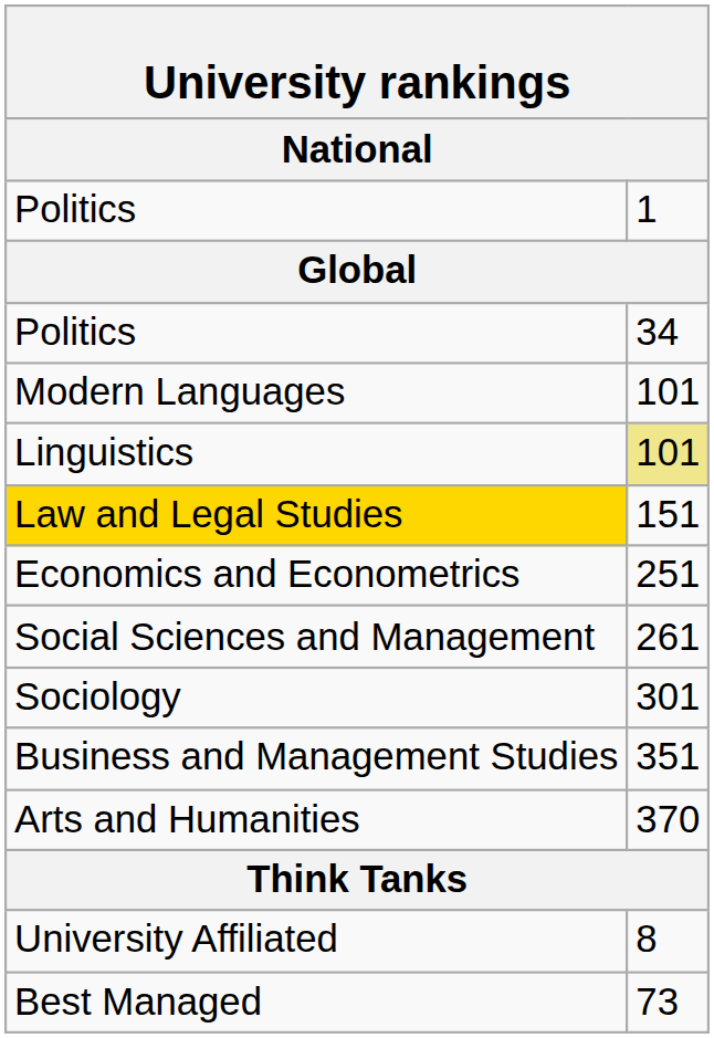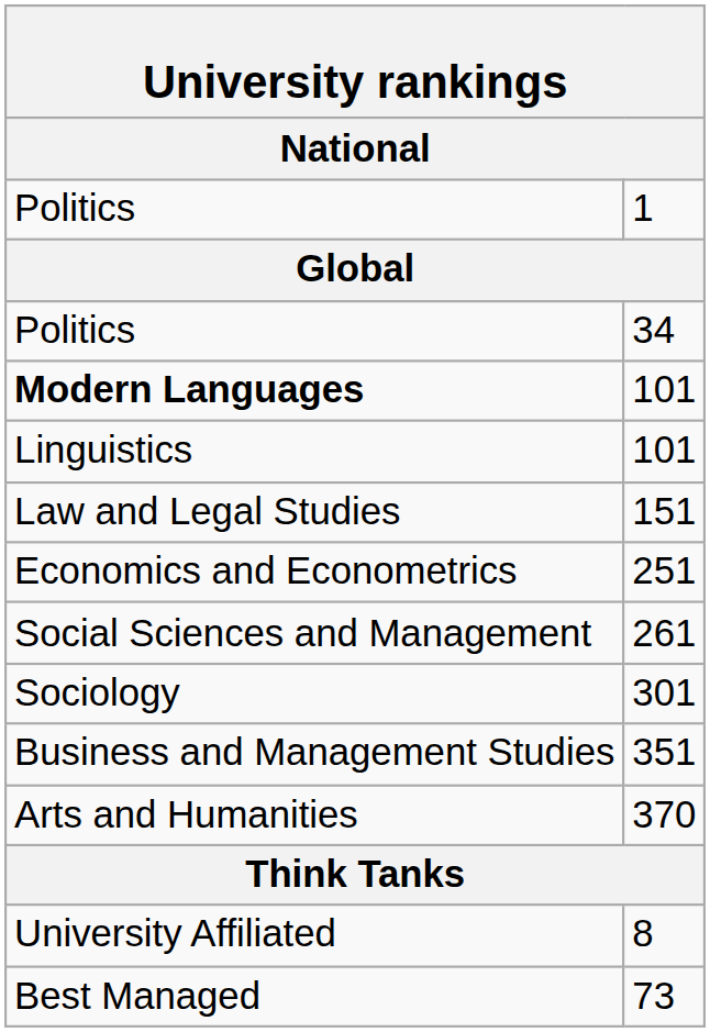 <table class="wikitable">
 <tr>
 <th colspan="2" style="font-size: 100%; text-align: center;"><br><big>University rankings</big></th>
 </tr>
 <tr>
 <th colspan="6">National</th>
 </tr>
 <tr>
 <td>Politics</td>
 <td>1</td>
 </tr>
 <tr>
 <th colspan="6">Global</th>
 </tr>
 <tr>
 <td>Politics</td>
 <td>34</td>
 </tr>
 <tr>
-<td>Modern Languages</td>
+<td><strong>Modern Languages</strong></td>
 <td>101</td>
 </tr>
 <tr>
 <td>Linguistics</td>
-<td style="background: khaki;">101</td>
+<td>101</td>
 </tr>
 <tr>
-<td style="background: gold;">Law and Legal Studies</td>
+<td>Law and Legal Studies</td>
 <td>151</td>
 </tr>
 <tr>
 <td>Economics and Econometrics</td>
 <td>251</td>
 </tr>
 <tr>
 <td>Social Sciences and Management</td>
 <td>261</td>
 </tr>
 <tr>
 <td>Sociology</td>
 <td>301</td>
 </tr>
 <tr>
 <td>Business and Management Studies</td>
 <td>351</td>
 </tr>
 <tr>
 <td>Arts and Humanities</td>
 <td>370</td>
 </tr>
 <tr>
 <th colspan="6">Think Tanks</th>
 </tr>
 <tr>
 <td>University Affiliated</td>
 <td>8</td>
 </tr>
 <tr>
 <td>Best Managed</td>
 <td>73</td>
 </tr>
 </table>
